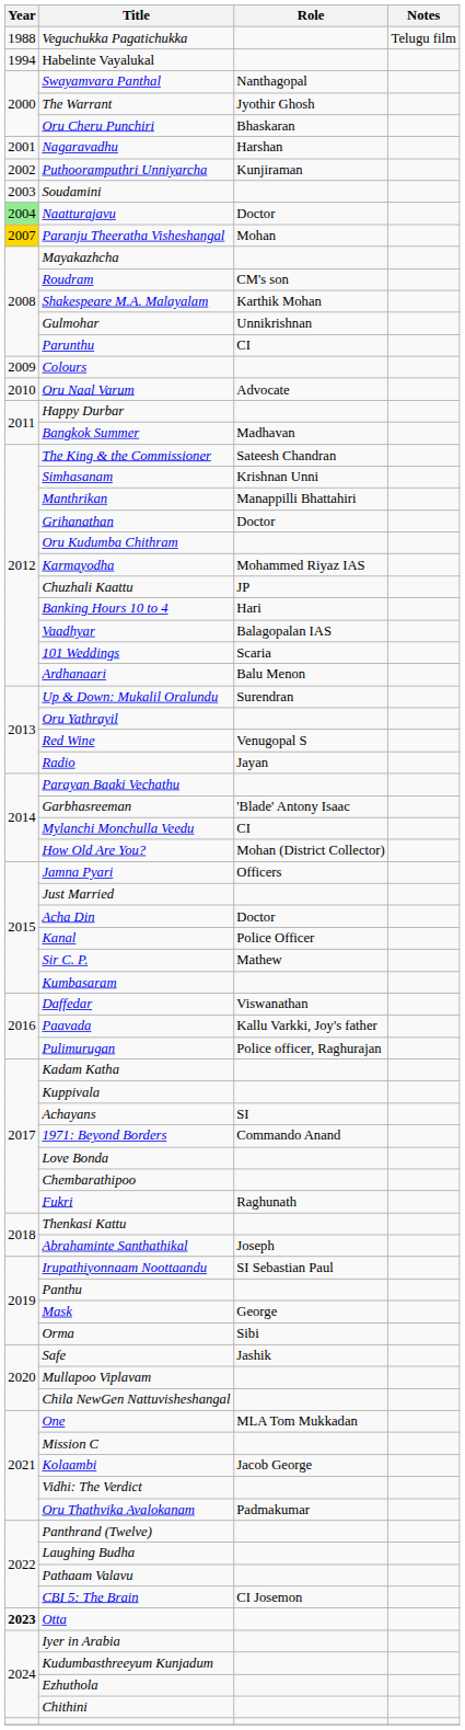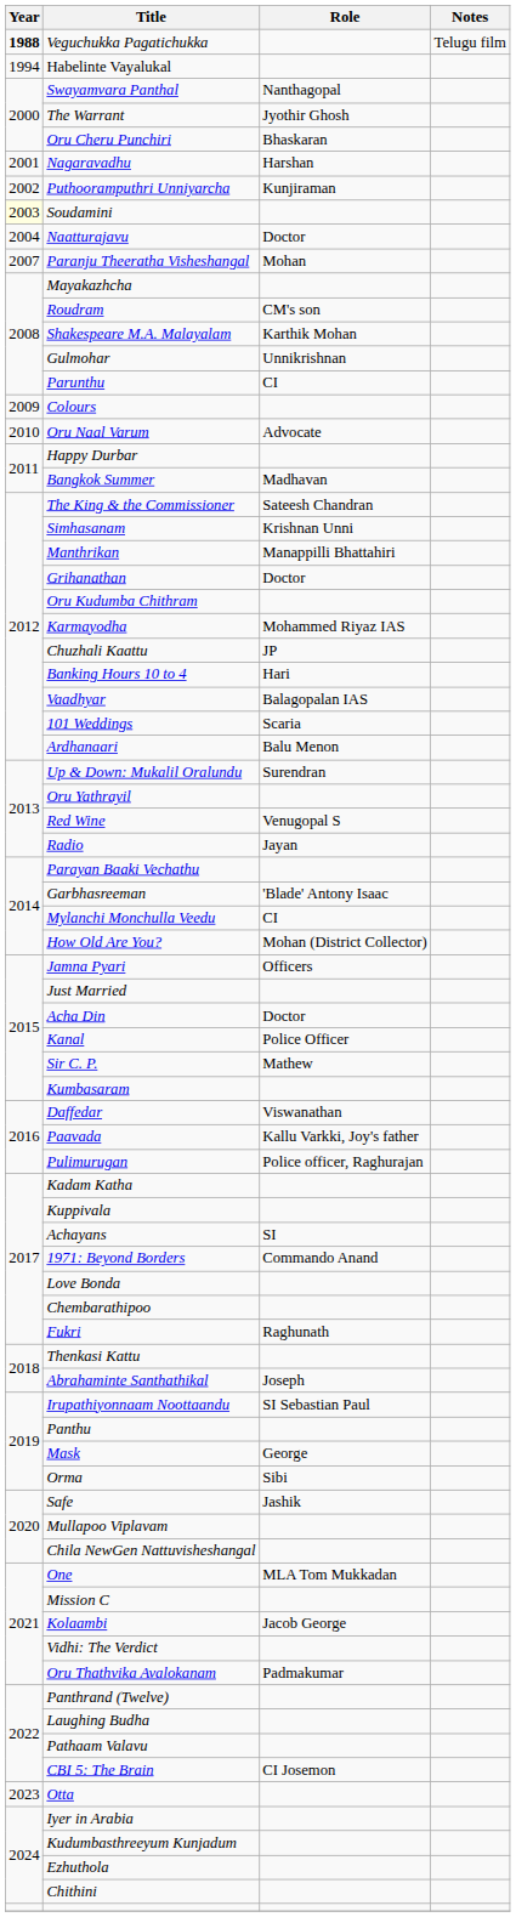 <table class="wikitable sortable">
 <tr>
 <th>Year</th>
 <th>Title</th>
 <th>Role</th>
 <th class="unsortable">Notes</th>
 </tr>
 <tr>
-<td>1988</td>
+<td><strong>1988</strong></td>
 <td><em>Veguchukka Pagatichukka</em></td>
 <td></td>
 <td>Telugu film</td>
 </tr>
 <tr>
 <td>1994</td>
 <td>Habelinte Vayalukal</td>
 <td></td>
 <td></td>
 </tr>
 <tr>
 <td rowspan=3>2000</td>
 <td><em><a href='#'>Swayamvara Panthal</a></em></td>
 <td>Nanthagopal</td>
 <td></td>
 </tr>
 <tr>
 <td><em>The Warrant</em></td>
 <td>Jyothir Ghosh</td>
 <td></td>
 </tr>
 <tr>
 <td><em><a href='#'>Oru Cheru Punchiri</a></em></td>
 <td>Bhaskaran</td>
 <td></td>
 </tr>
 <tr>
 <td>2001</td>
 <td><em><a href='#'>Nagaravadhu</a></em></td>
 <td>Harshan</td>
 <td></td>
 </tr>
 <tr>
 <td>2002</td>
 <td><em><a href='#'>Puthooramputhri Unniyarcha</a></em></td>
 <td>Kunjiraman</td>
 <td></td>
 </tr>
 <tr>
-<td>2003</td>
+<td style="background: lightyellow;">2003</td>
 <td><em>Soudamini</em></td>
 <td></td>
 <td></td>
 </tr>
 <tr>
-<td style="background: lightgreen;">2004</td>
+<td>2004</td>
 <td><em><a href='#'>Naatturajavu</a></em></td>
 <td>Doctor</td>
 <td></td>
 </tr>
 <tr>
-<td style="background: gold;">2007</td>
+<td>2007</td>
 <td><em><a href='#'>Paranju Theeratha Visheshangal</a></em></td>
 <td>Mohan</td>
 <td></td>
 </tr>
 <tr>
 <td rowspan="5">2008</td>
 <td><em>Mayakazhcha</em></td>
 <td></td>
 <td></td>
 </tr>
 <tr>
 <td><em><a href='#'>Roudram</a></em></td>
 <td>CM's son</td>
 <td></td>
 </tr>
 <tr>
 <td><em><a href='#'>Shakespeare M.A. Malayalam</a></em></td>
 <td>Karthik Mohan</td>
 <td></td>
 </tr>
 <tr>
 <td><em>Gulmohar</em></td>
 <td>Unnikrishnan</td>
 <td></td>
 </tr>
 <tr>
 <td><em><a href='#'>Parunthu</a></em></td>
 <td>CI</td>
 <td></td>
 </tr>
 <tr>
 <td>2009</td>
 <td><em><a href='#'>Colours</a></em></td>
 <td></td>
 <td></td>
 </tr>
 <tr>
 <td>2010</td>
 <td><em><a href='#'>Oru Naal Varum</a></em></td>
 <td>Advocate</td>
 <td></td>
 </tr>
 <tr>
 <td rowspan=2>2011</td>
 <td><em>Happy Durbar</em></td>
 <td></td>
 <td></td>
 </tr>
 <tr>
 <td><em><a href='#'>Bangkok Summer</a></em></td>
 <td>Madhavan</td>
 <td></td>
 </tr>
 <tr>
 <td rowspan=11>2012</td>
 <td><em><a href='#'>The King & the Commissioner</a></em></td>
 <td>Sateesh Chandran</td>
 <td></td>
 </tr>
 <tr>
 <td><em><a href='#'>Simhasanam</a></em></td>
 <td>Krishnan Unni</td>
 <td></td>
 </tr>
 <tr>
 <td><em><a href='#'>Manthrikan</a></em></td>
 <td>Manappilli Bhattahiri</td>
 <td></td>
 </tr>
 <tr>
 <td><em><a href='#'>Grihanathan</a></em></td>
 <td>Doctor</td>
 <td></td>
 </tr>
 <tr>
 <td><em><a href='#'>Oru Kudumba Chithram</a></em></td>
 <td></td>
 <td></td>
 </tr>
 <tr>
 <td><em><a href='#'>Karmayodha</a></em></td>
 <td>Mohammed Riyaz IAS</td>
 <td></td>
 </tr>
 <tr>
 <td><em>Chuzhali Kaattu</em></td>
 <td>JP</td>
 <td></td>
 </tr>
 <tr>
 <td><em><a href='#'>Banking Hours 10 to 4</a></em></td>
 <td>Hari</td>
 <td></td>
 </tr>
 <tr>
 <td><em><a href='#'>Vaadhyar</a></em></td>
 <td>Balagopalan IAS</td>
 <td></td>
 </tr>
 <tr>
 <td><em><a href='#'>101 Weddings</a></em></td>
 <td>Scaria</td>
 <td></td>
 </tr>
 <tr>
 <td><em><a href='#'>Ardhanaari</a></em></td>
 <td>Balu Menon</td>
 <td></td>
 </tr>
 <tr>
 <td rowspan=4>2013</td>
 <td><em><a href='#'>Up & Down: Mukalil Oralundu</a></em></td>
 <td>Surendran</td>
 <td></td>
 </tr>
 <tr>
 <td><em><a href='#'>Oru Yathrayil</a></em></td>
 <td></td>
 <td></td>
 </tr>
 <tr>
 <td><em><a href='#'>Red Wine</a></em></td>
 <td>Venugopal S</td>
 <td></td>
 </tr>
 <tr>
 <td><em><a href='#'>Radio</a></em></td>
 <td>Jayan</td>
 <td></td>
 </tr>
 <tr>
 <td rowspan=4>2014</td>
 <td><em><a href='#'>Parayan Baaki Vechathu</a></em></td>
 <td></td>
 <td></td>
 </tr>
 <tr>
 <td><em>Garbhasreeman</em></td>
 <td>'Blade' Antony Isaac</td>
 <td></td>
 </tr>
 <tr>
 <td><em><a href='#'>Mylanchi Monchulla Veedu</a></em></td>
 <td>CI</td>
 <td></td>
 </tr>
 <tr>
 <td><em><a href='#'>How Old Are You?</a></em></td>
 <td>Mohan (District Collector)</td>
 <td></td>
 </tr>
 <tr>
 <td rowspan=6>2015</td>
 <td><em><a href='#'>Jamna Pyari</a></em></td>
 <td>Officers</td>
 <td></td>
 </tr>
 <tr>
 <td><em>Just Married</em></td>
 <td></td>
 <td></td>
 </tr>
 <tr>
 <td><em><a href='#'>Acha Din</a></em></td>
 <td>Doctor</td>
 <td></td>
 </tr>
 <tr>
 <td><em><a href='#'>Kanal</a></em></td>
 <td>Police Officer</td>
 <td></td>
 </tr>
 <tr>
 <td><em><a href='#'>Sir C. P.</a></em></td>
 <td>Mathew</td>
 <td></td>
 </tr>
 <tr>
 <td><em><a href='#'>Kumbasaram</a></em></td>
 <td></td>
 <td></td>
 </tr>
 <tr>
 <td rowspan=3>2016</td>
 <td><em><a href='#'>Daffedar</a></em></td>
 <td>Viswanathan</td>
 <td></td>
 </tr>
 <tr>
 <td><em><a href='#'>Paavada</a></em></td>
 <td>Kallu Varkki, Joy's father</td>
 <td></td>
 </tr>
 <tr>
 <td><em><a href='#'>Pulimurugan</a></em></td>
 <td>Police officer, Raghurajan</td>
 <td></td>
 </tr>
 <tr>
 <td rowspan=7>2017</td>
 <td><em>Kadam Katha</em></td>
 <td></td>
 <td></td>
 </tr>
 <tr>
 <td><em>Kuppivala</em></td>
 <td></td>
 <td></td>
 </tr>
 <tr>
 <td><em>Achayans</em></td>
 <td>SI</td>
 <td></td>
 </tr>
 <tr>
 <td><em><a href='#'>1971: Beyond Borders</a></em></td>
 <td>Commando Anand</td>
 <td></td>
 </tr>
 <tr>
 <td><em>Love Bonda</em></td>
 <td></td>
 <td></td>
 </tr>
 <tr>
 <td><em>Chembarathipoo</em></td>
 <td></td>
 <td></td>
 </tr>
 <tr>
 <td><em><a href='#'>Fukri</a></em></td>
 <td>Raghunath</td>
 <td></td>
 </tr>
 <tr>
 <td rowspan=2>2018</td>
 <td><em>Thenkasi Kattu</em></td>
 <td></td>
 <td></td>
 </tr>
 <tr>
 <td><em><a href='#'>Abrahaminte Santhathikal</a></em></td>
 <td>Joseph</td>
 <td></td>
 </tr>
 <tr>
 <td rowspan="4">2019</td>
 <td><em><a href='#'>Irupathiyonnaam Noottaandu</a></em></td>
 <td>SI Sebastian Paul</td>
 <td></td>
 </tr>
 <tr>
 <td><em>Panthu</em></td>
 <td></td>
 <td></td>
 </tr>
 <tr>
 <td><em><a href='#'>Mask</a></em></td>
 <td>George</td>
 <td></td>
 </tr>
 <tr>
 <td><em>Orma</em></td>
 <td>Sibi</td>
 <td></td>
 </tr>
 <tr>
 <td rowspan="3">2020</td>
 <td><em>Safe</em></td>
 <td>Jashik</td>
 <td></td>
 </tr>
 <tr>
 <td><em>Mullapoo Viplavam</em></td>
 <td></td>
 <td></td>
 </tr>
 <tr>
 <td><em>Chila NewGen Nattuvisheshangal</em></td>
 <td></td>
 <td></td>
 </tr>
 <tr>
 <td rowspan=5>2021</td>
 <td><em><a href='#'>One</a></em></td>
 <td>MLA Tom Mukkadan</td>
 <td></td>
 </tr>
 <tr>
 <td><em>Mission C</em></td>
 <td></td>
 <td></td>
 </tr>
 <tr>
 <td><em><a href='#'>Kolaambi</a></em></td>
 <td>Jacob George</td>
 <td></td>
 </tr>
 <tr>
 <td><em>Vidhi: The Verdict</em></td>
 <td></td>
 <td></td>
 </tr>
 <tr>
 <td><em><a href='#'>Oru Thathvika Avalokanam</a></em></td>
 <td>Padmakumar</td>
 <td></td>
 </tr>
 <tr>
 <td rowspan=4>2022</td>
 <td><em>Panthrand (Twelve)</em></td>
 <td></td>
 <td></td>
 </tr>
 <tr>
 <td><em>Laughing Budha</em></td>
 <td></td>
 <td></td>
 </tr>
 <tr>
 <td><em>Pathaam Valavu</em></td>
 <td></td>
 <td></td>
 </tr>
 <tr>
 <td><em><a href='#'>CBI 5: The Brain</a></em></td>
 <td>CI Josemon</td>
 <td></td>
 </tr>
 <tr>
-<td><strong>2023</strong></td>
+<td>2023</td>
 <td><em><a href='#'>Otta</a></em></td>
 <td></td>
 <td></td>
 </tr>
 <tr>
 <td rowspan=4>2024</td>
 <td><em>Iyer in Arabia</em></td>
 <td></td>
 <td></td>
 </tr>
 <tr>
 <td><em>Kudumbasthreeyum Kunjadum</em></td>
 <td></td>
 <td></td>
 </tr>
 <tr>
 <td><em>Ezhuthola</em></td>
 <td></td>
 <td></td>
 </tr>
 <tr>
 <td><em>Chithini</em></td>
 <td></td>
 <td></td>
 </tr>
 <tr>
 <td></td>
 <td></td>
 <td></td>
 <td></td>
 </tr>
 <tr>
 </tr>
 </table>
